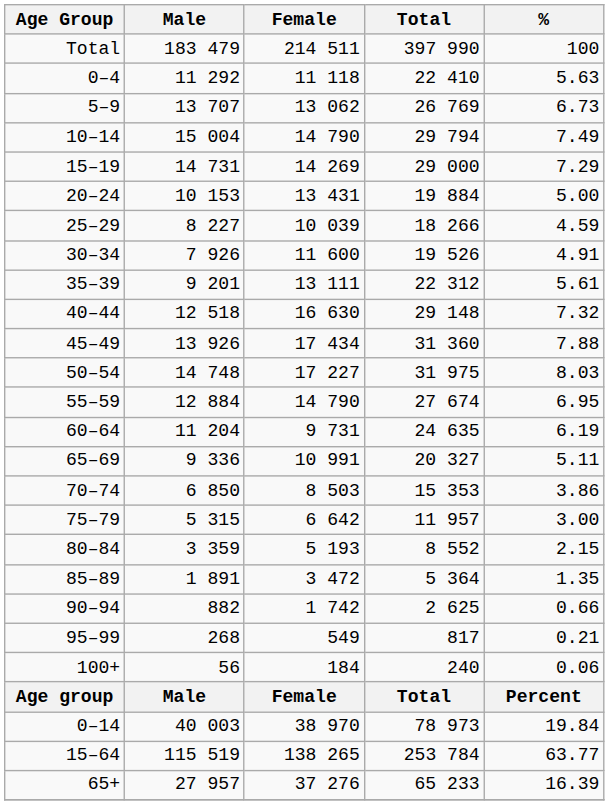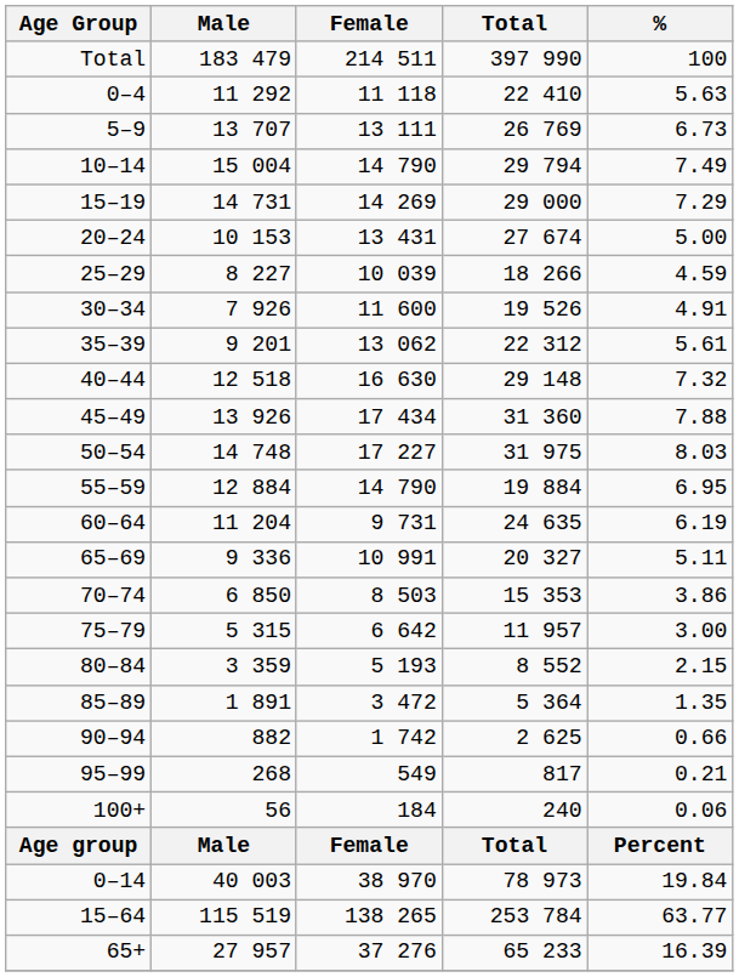 <table class="wikitable">
 <tr>
 <th width="80pt">Age Group</th>
 <th width="80pt">Male</th>
 <th width="80pt">Female</th>
 <th width="80pt">Total</th>
 <th width="80pt">%</th>
 </tr>
 <tr>
 <td align="right">Total</td>
 <td align="right">183 479</td>
 <td align="right">214 511</td>
 <td align="right">397 990</td>
 <td align="right">100</td>
 </tr>
 <tr>
 <td align="right">0–4</td>
 <td align="right">11 292</td>
 <td align="right">11 118</td>
 <td align="right">22 410</td>
 <td align="right">5.63</td>
 </tr>
 <tr>
 <td align="right">5–9</td>
 <td align="right">13 707</td>
-<td align="right">13 062</td>
+<td align="right">13 111</td>
 <td align="right">26 769</td>
 <td align="right">6.73</td>
 </tr>
 <tr>
 <td align="right">10–14</td>
 <td align="right">15 004</td>
 <td align="right">14 790</td>
 <td align="right">29 794</td>
 <td align="right">7.49</td>
 </tr>
 <tr>
 <td align="right">15–19</td>
 <td align="right">14 731</td>
 <td align="right">14 269</td>
 <td align="right">29 000</td>
 <td align="right">7.29</td>
 </tr>
 <tr>
 <td align="right">20–24</td>
 <td align="right">10 153</td>
 <td align="right">13 431</td>
-<td align="right">19 884</td>
+<td align="right">27 674</td>
 <td align="right">5.00</td>
 </tr>
 <tr>
 <td align="right">25–29</td>
 <td align="right">8 227</td>
 <td align="right">10 039</td>
 <td align="right">18 266</td>
 <td align="right">4.59</td>
 </tr>
 <tr>
 <td align="right">30–34</td>
 <td align="right">7 926</td>
 <td align="right">11 600</td>
 <td align="right">19 526</td>
 <td align="right">4.91</td>
 </tr>
 <tr>
 <td align="right">35–39</td>
 <td align="right">9 201</td>
-<td align="right">13 111</td>
+<td align="right">13 062</td>
 <td align="right">22 312</td>
 <td align="right">5.61</td>
 </tr>
 <tr>
 <td align="right">40–44</td>
 <td align="right">12 518</td>
 <td align="right">16 630</td>
 <td align="right">29 148</td>
 <td align="right">7.32</td>
 </tr>
 <tr>
 <td align="right">45–49</td>
 <td align="right">13 926</td>
 <td align="right">17 434</td>
 <td align="right">31 360</td>
 <td align="right">7.88</td>
 </tr>
 <tr>
 <td align="right">50–54</td>
 <td align="right">14 748</td>
 <td align="right">17 227</td>
 <td align="right">31 975</td>
 <td align="right">8.03</td>
 </tr>
 <tr>
 <td align="right">55–59</td>
 <td align="right">12 884</td>
 <td align="right">14 790</td>
-<td align="right">27 674</td>
+<td align="right">19 884</td>
 <td align="right">6.95</td>
 </tr>
 <tr>
 <td align="right">60–64</td>
 <td align="right">11 204</td>
 <td align="right">9 731</td>
 <td align="right">24 635</td>
 <td align="right">6.19</td>
 </tr>
 <tr>
 <td align="right">65–69</td>
 <td align="right">9 336</td>
 <td align="right">10 991</td>
 <td align="right">20 327</td>
 <td align="right">5.11</td>
 </tr>
 <tr>
 <td align="right">70–74</td>
 <td align="right">6 850</td>
 <td align="right">8 503</td>
 <td align="right">15 353</td>
 <td align="right">3.86</td>
 </tr>
 <tr>
 <td align="right">75–79</td>
 <td align="right">5 315</td>
 <td align="right">6 642</td>
 <td align="right">11 957</td>
 <td align="right">3.00</td>
 </tr>
 <tr>
 <td align="right">80–84</td>
 <td align="right">3 359</td>
 <td align="right">5 193</td>
 <td align="right">8 552</td>
 <td align="right">2.15</td>
 </tr>
 <tr>
 <td align="right">85–89</td>
 <td align="right">1 891</td>
 <td align="right">3 472</td>
 <td align="right">5 364</td>
 <td align="right">1.35</td>
 </tr>
 <tr>
 <td align="right">90–94</td>
 <td align="right">882</td>
 <td align="right">1 742</td>
 <td align="right">2 625</td>
 <td align="right">0.66</td>
 </tr>
 <tr>
 <td align="right">95–99</td>
 <td align="right">268</td>
 <td align="right">549</td>
 <td align="right">817</td>
 <td align="right">0.21</td>
 </tr>
 <tr>
 <td align="right">100+</td>
 <td align="right">56</td>
 <td align="right">184</td>
 <td align="right">240</td>
 <td align="right">0.06</td>
 </tr>
 <tr>
 <th width="50">Age group</th>
 <th width="80pt">Male</th>
 <th width="80">Female</th>
 <th width="80">Total</th>
 <th width="50">Percent</th>
 </tr>
 <tr>
 <td align="right">0–14</td>
 <td align="right">40 003</td>
 <td align="right">38 970</td>
 <td align="right">78 973</td>
 <td align="right">19.84</td>
 </tr>
 <tr>
 <td align="right">15–64</td>
 <td align="right">115 519</td>
 <td align="right">138 265</td>
 <td align="right">253 784</td>
 <td align="right">63.77</td>
 </tr>
 <tr>
 <td align="right">65+</td>
 <td align="right">27 957</td>
 <td align="right">37 276</td>
 <td align="right">65 233</td>
 <td align="right">16.39</td>
 </tr>
 <tr>
 </tr>
 </table>
